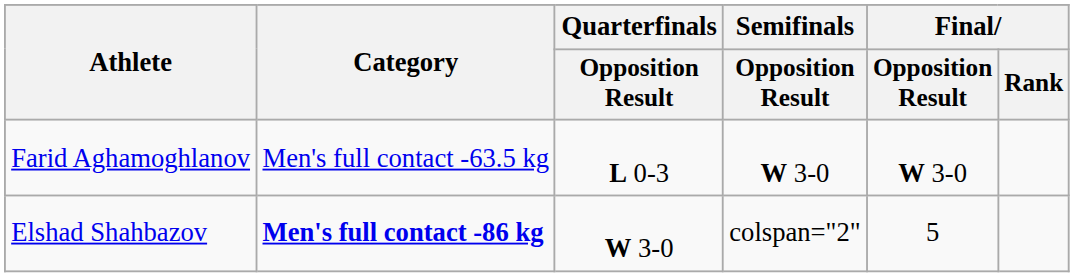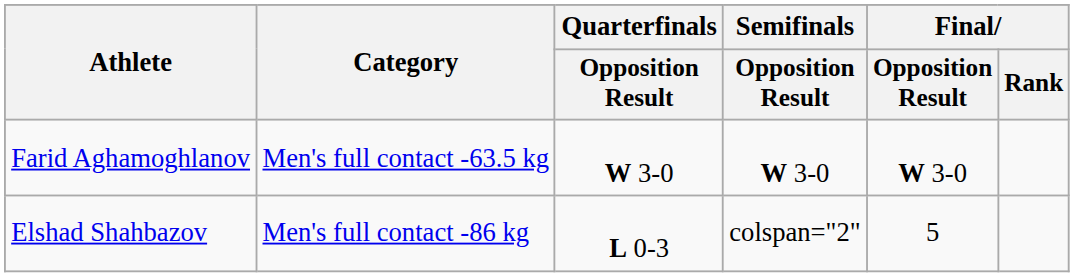 <table class="wikitable" style="text-align:center; font-size:90%">
 <tr>
 <th rowspan="2">Athlete</th>
 <th rowspan="2">Category</th>
 <th>Quarterfinals</th>
 <th>Semifinals</th>
 <th colspan="2">Final/</th>
 </tr>
 <tr style="font-size:95%">
 <th>Opposition<br>Result</th>
 <th>Opposition<br>Result</th>
 <th>Opposition<br>Result</th>
 <th>Rank</th>
 </tr>
 <tr>
 <td align="left"><a href='#'>Farid Aghamoghlanov</a></td>
 <td align="left"><a href='#'>Men's full contact -63.5 kg</a></td>
-<td><br><strong>L</strong> 0-3</td>
+<td><br><strong>W</strong> 3-0</td>
 <td><br><strong>W</strong> 3-0</td>
 <td><br><strong>W</strong> 3-0</td>
 <td></td>
 </tr>
 <tr>
 <td align="left"><a href='#'>Elshad Shahbazov</a></td>
-<td align="left"><strong><a href='#'>Men's full contact -86 kg</a></strong></td>
-<td><br><strong>W</strong> 3-0</td>
+<td align="left"><a href='#'>Men's full contact -86 kg</a></td>
+<td><br><strong>L</strong> 0-3</td>
 <td>colspan="2" </td>
 <td>5</td>
 </tr>
 </table>
